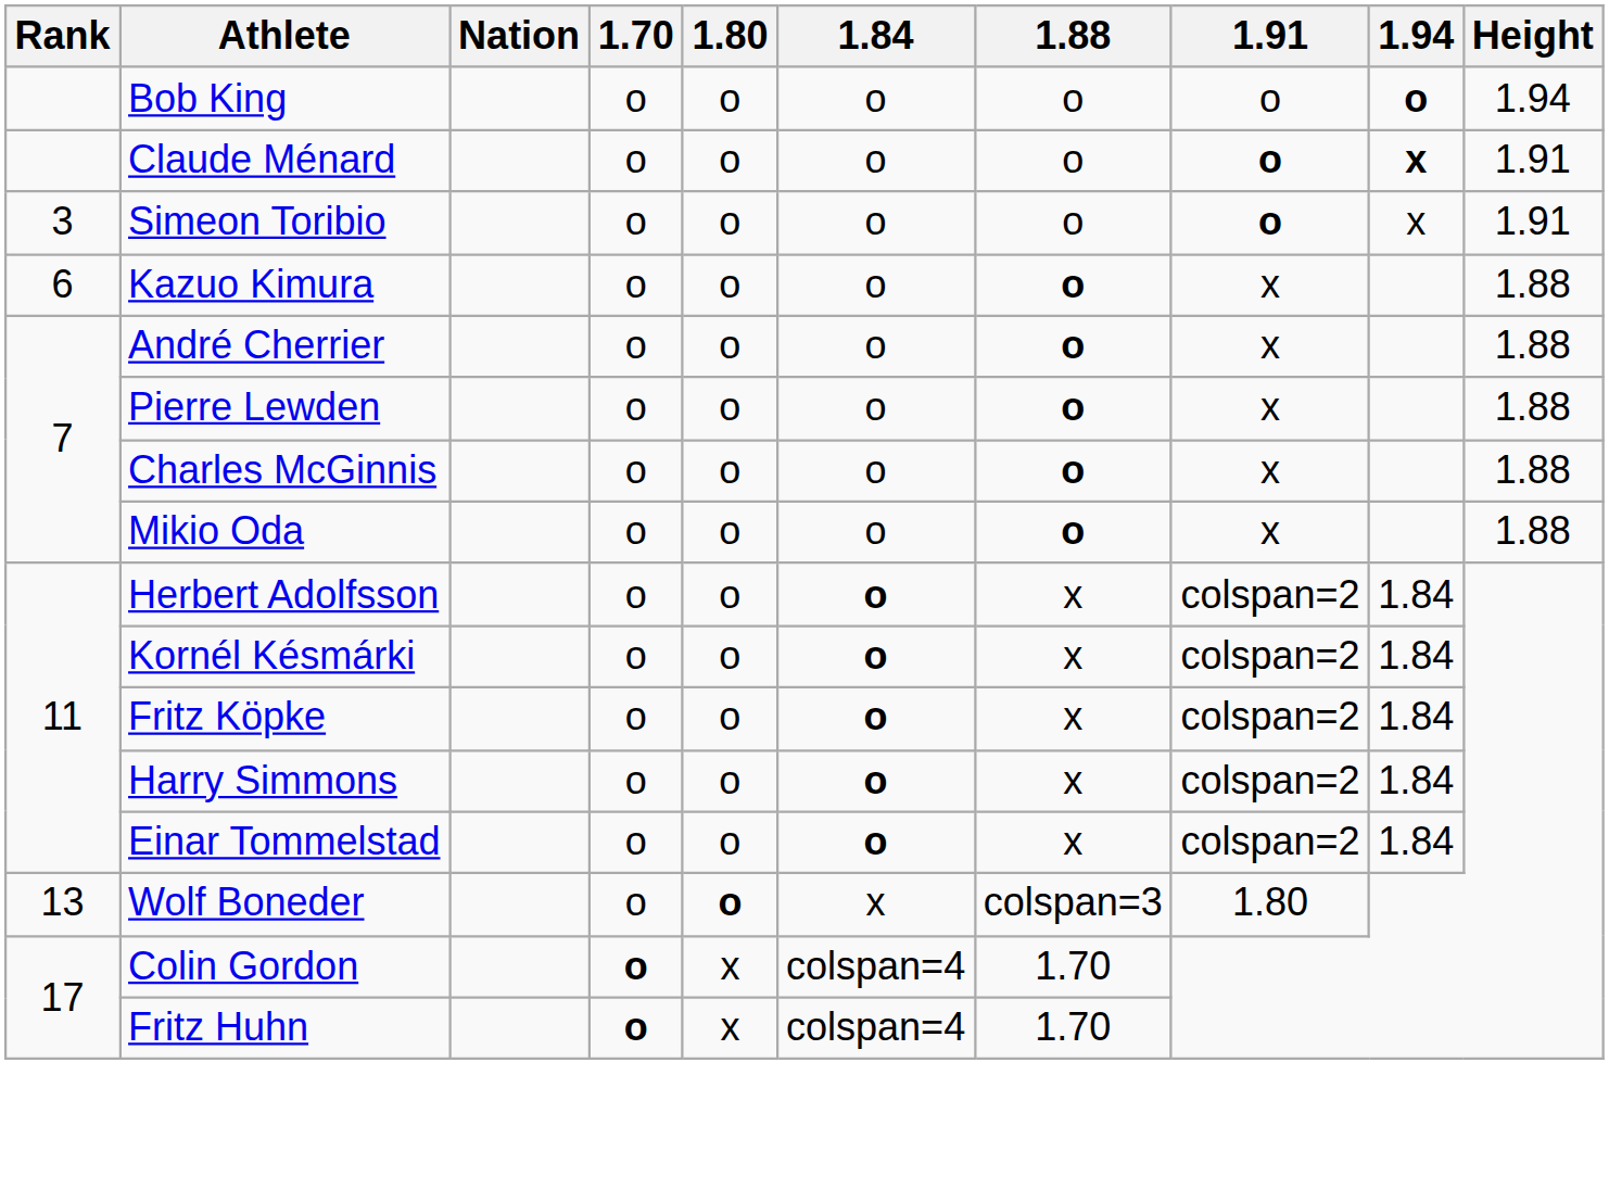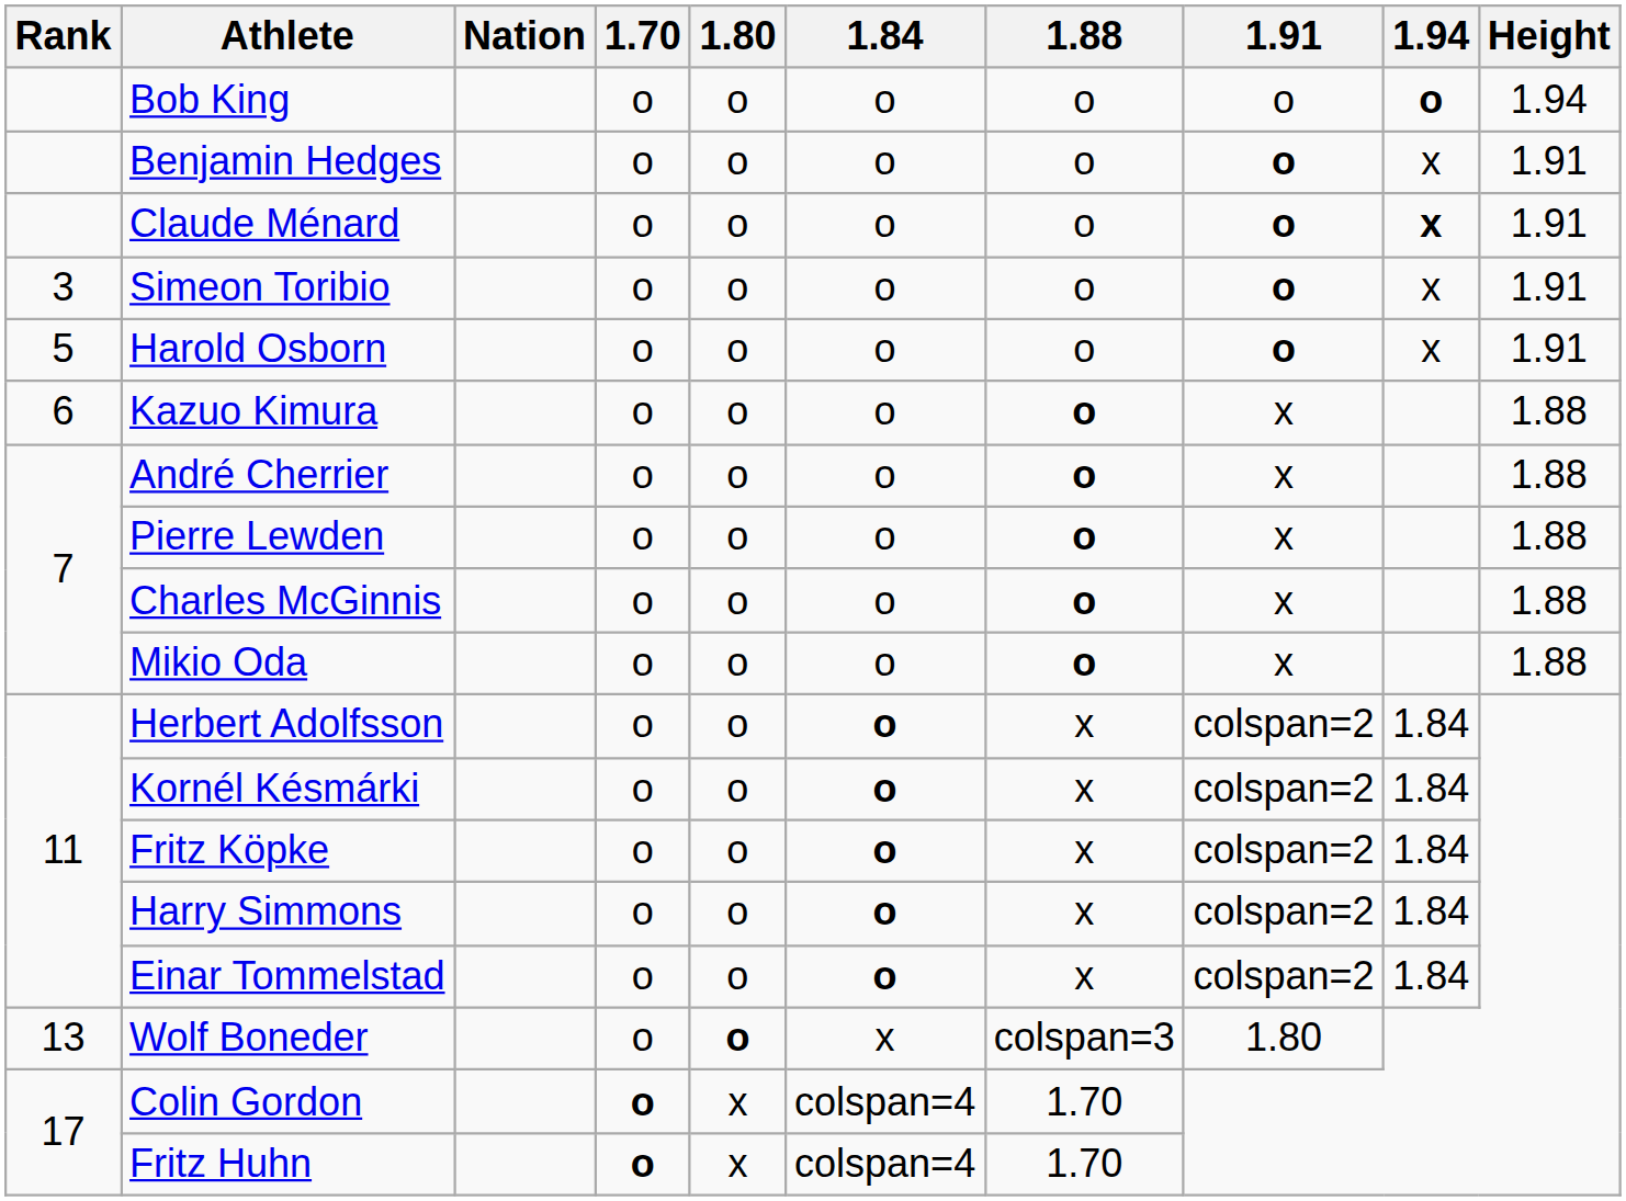 <table class="wikitable sortable" style=text-align:center>
 <tr>
 <th>Rank</th>
 <th>Athlete</th>
 <th>Nation</th>
 <th>1.70</th>
 <th>1.80</th>
 <th>1.84</th>
 <th>1.88</th>
 <th>1.91</th>
 <th>1.94</th>
 <th>Height</th>
 </tr>
 <tr>
 <td></td>
 <td align=left><a href='#'>Bob King</a></td>
 <td align=left></td>
 <td>o</td>
 <td>o</td>
 <td>o</td>
 <td>o</td>
 <td>o</td>
 <td><strong>o</strong></td>
 <td>1.94</td>
 </tr>
 <tr>
 <td></td>
+<td align=left><a href='#'>Benjamin Hedges</a></td>
+<td align=left></td>
+<td>o</td>
+<td>o</td>
+<td>o</td>
+<td>o</td>
+<td><strong>o</strong></td>
+<td>x</td>
+<td>1.91</td>
+</tr>
+<tr>
+<td></td>
 <td align=left><a href='#'>Claude Ménard</a></td>
 <td align=left></td>
 <td>o</td>
 <td>o</td>
 <td>o</td>
 <td>o</td>
 <td><strong>o</strong></td>
 <td><strong>x</strong></td>
 <td>1.91</td>
 </tr>
 <tr>
 <td>3</td>
 <td align=left><a href='#'>Simeon Toribio</a></td>
+<td align=left></td>
+<td>o</td>
+<td>o</td>
+<td>o</td>
+<td>o</td>
+<td><strong>o</strong></td>
+<td>x</td>
+<td>1.91</td>
+</tr>
+<tr>
+<td>5</td>
+<td align=left><a href='#'>Harold Osborn</a></td>
 <td align=left></td>
 <td>o</td>
 <td>o</td>
 <td>o</td>
 <td>o</td>
 <td><strong>o</strong></td>
 <td>x</td>
 <td>1.91</td>
 </tr>
 <tr>
 <td>6</td>
 <td align=left><a href='#'>Kazuo Kimura</a></td>
 <td align=left></td>
 <td>o</td>
 <td>o</td>
 <td>o</td>
 <td><strong>o</strong></td>
 <td>x</td>
 <td></td>
 <td>1.88</td>
 </tr>
 <tr>
 <td rowspan=4>7</td>
 <td align=left><a href='#'>André Cherrier</a></td>
 <td align=left></td>
 <td>o</td>
 <td>o</td>
 <td>o</td>
 <td><strong>o</strong></td>
 <td>x</td>
 <td></td>
 <td>1.88</td>
 </tr>
 <tr>
 <td align=left><a href='#'>Pierre Lewden</a></td>
 <td align=left></td>
 <td>o</td>
 <td>o</td>
 <td>o</td>
 <td><strong>o</strong></td>
 <td>x</td>
 <td></td>
 <td>1.88</td>
 </tr>
 <tr>
 <td align=left><a href='#'>Charles McGinnis</a></td>
 <td align=left></td>
 <td>o</td>
 <td>o</td>
 <td>o</td>
 <td><strong>o</strong></td>
 <td>x</td>
 <td></td>
 <td>1.88</td>
 </tr>
 <tr>
 <td align=left><a href='#'>Mikio Oda</a></td>
 <td align=left></td>
 <td>o</td>
 <td>o</td>
 <td>o</td>
 <td><strong>o</strong></td>
 <td>x</td>
 <td></td>
 <td>1.88</td>
 </tr>
 <tr>
 <td rowspan=5>11</td>
 <td align=left><a href='#'>Herbert Adolfsson</a></td>
 <td align=left></td>
 <td>o</td>
 <td>o</td>
 <td><strong>o</strong></td>
 <td>x</td>
 <td>colspan=2 </td>
 <td>1.84</td>
 </tr>
 <tr>
 <td align=left><a href='#'>Kornél Késmárki</a></td>
 <td align=left></td>
 <td>o</td>
 <td>o</td>
 <td><strong>o</strong></td>
 <td>x</td>
 <td>colspan=2 </td>
 <td>1.84</td>
 </tr>
 <tr>
 <td align=left><a href='#'>Fritz Köpke</a></td>
 <td align=left></td>
 <td>o</td>
 <td>o</td>
 <td><strong>o</strong></td>
 <td>x</td>
 <td>colspan=2 </td>
 <td>1.84</td>
 </tr>
 <tr>
 <td align=left><a href='#'>Harry Simmons</a></td>
 <td align=left></td>
 <td>o</td>
 <td>o</td>
 <td><strong>o</strong></td>
 <td>x</td>
 <td>colspan=2 </td>
 <td>1.84</td>
 </tr>
 <tr>
 <td align=left><a href='#'>Einar Tommelstad</a></td>
 <td align=left></td>
 <td>o</td>
 <td>o</td>
 <td><strong>o</strong></td>
 <td>x</td>
 <td>colspan=2 </td>
 <td>1.84</td>
 </tr>
 <tr>
 <td>13</td>
 <td align=left><a href='#'>Wolf Boneder</a></td>
 <td align=left></td>
 <td>o</td>
 <td><strong>o</strong></td>
 <td>x</td>
 <td>colspan=3 </td>
 <td>1.80</td>
 </tr>
 <tr>
 <td rowspan=2>17</td>
 <td align=left><a href='#'>Colin Gordon</a></td>
 <td align=left></td>
 <td><strong>o</strong></td>
 <td>x</td>
 <td>colspan=4 </td>
 <td>1.70</td>
 </tr>
 <tr>
 <td align=left><a href='#'>Fritz Huhn</a></td>
 <td align=left></td>
 <td><strong>o</strong></td>
 <td>x</td>
 <td>colspan=4 </td>
 <td>1.70</td>
 </tr>
 </table>
